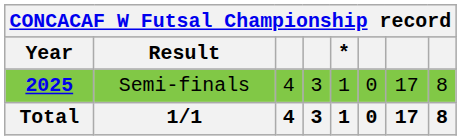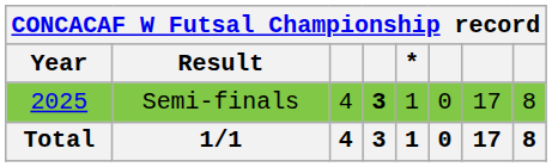 <table class="wikitable" style="text-align: center;">
 <tr>
 <th colspan="8"><a href='#'>CONCACAF W Futsal Championship</a> record</th>
 </tr>
 <tr>
 <th>Year</th>
 <th>Result</th>
 <th></th>
 <th></th>
 <th>*</th>
 <th></th>
 <th></th>
 <th></th>
 </tr>
 <tr bgcolor="#81c846">
-<td><strong> <a href='#'>2025</a></strong></td>
+<td> <a href='#'>2025</a></td>
 <td>Semi-finals</td>
 <td>4</td>
-<td>3</td>
+<td><strong>3</strong></td>
 <td>1</td>
 <td>0</td>
 <td>17</td>
 <td>8</td>
 </tr>
 <tr>
 <th>Total</th>
 <th>1/1</th>
 <th>4</th>
 <th>3</th>
 <th>1</th>
 <th>0</th>
 <th>17</th>
 <th>8</th>
 </tr>
 </table>
